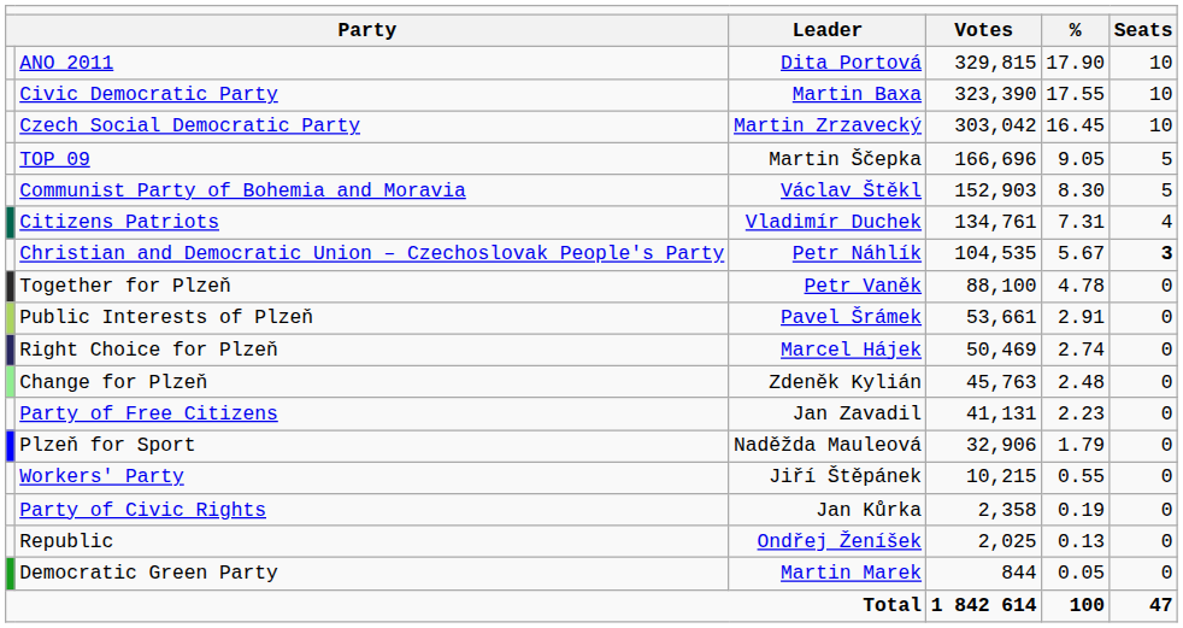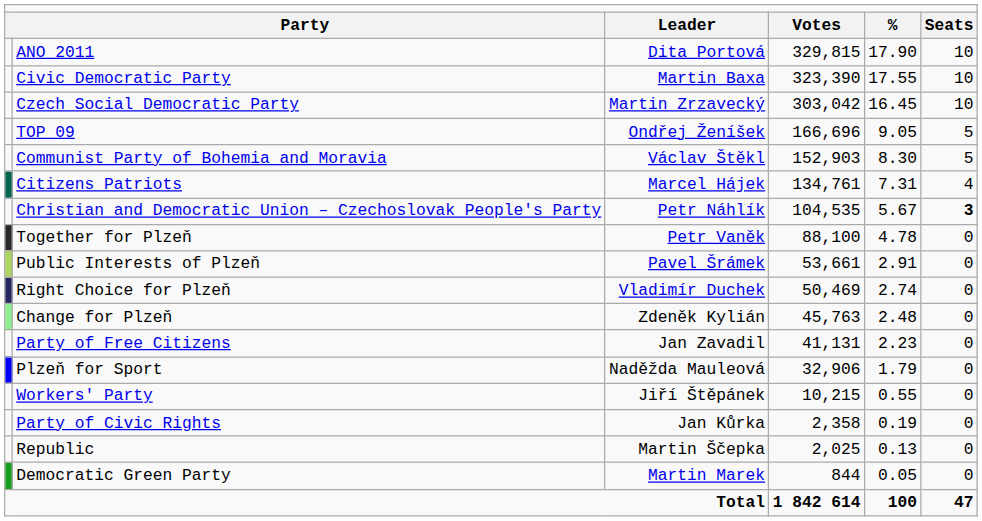 <table class=wikitable style=text-align:right>
 <tr>
 <td colspan=6></td>
 </tr>
 <tr>
 <th colspan=2>Party</th>
 <th>Leader</th>
 <th>Votes</th>
 <th>%</th>
 <th>Seats</th>
 </tr>
 <tr>
 <td></td>
 <td align=left><a href='#'>ANO 2011</a></td>
 <td><a href='#'>Dita Portová</a></td>
 <td>329,815</td>
 <td>17.90</td>
 <td>10</td>
 </tr>
 <tr>
 <td></td>
 <td align=left><a href='#'>Civic Democratic Party</a></td>
 <td><a href='#'>Martin Baxa</a></td>
 <td>323,390</td>
 <td>17.55</td>
 <td>10</td>
 </tr>
 <tr>
 <td></td>
 <td align=left><a href='#'>Czech Social Democratic Party</a></td>
 <td><a href='#'>Martin Zrzavecký</a></td>
 <td>303,042</td>
 <td>16.45</td>
 <td>10</td>
 </tr>
 <tr>
 <td></td>
 <td align=left><a href='#'>TOP 09</a></td>
-<td>Martin Ščepka</td>
+<td><a href='#'>Ondřej Ženíšek</a></td>
 <td>166,696</td>
 <td>9.05</td>
 <td>5</td>
 </tr>
 <tr>
 <td></td>
 <td align=left><a href='#'>Communist Party of Bohemia and Moravia</a></td>
 <td><a href='#'>Václav Štěkl</a></td>
 <td>152,903</td>
 <td>8.30</td>
 <td>5</td>
 </tr>
 <tr>
 <td style="background:#00654E;"></td>
 <td align=left><a href='#'>Citizens Patriots</a></td>
-<td><a href='#'>Vladimír Duchek</a></td>
+<td><a href='#'>Marcel Hájek</a></td>
 <td>134,761</td>
 <td>7.31</td>
 <td>4</td>
 </tr>
 <tr>
 <td></td>
 <td align=left><a href='#'>Christian and Democratic Union – Czechoslovak People's Party</a></td>
 <td><a href='#'>Petr Náhlík</a></td>
 <td>104,535</td>
 <td>5.67</td>
 <td><strong>3</strong></td>
 </tr>
 <tr>
 <td style="background:#292829;"></td>
 <td align=left>Together for Plzeň</td>
 <td><a href='#'>Petr Vaněk</a></td>
 <td>88,100</td>
 <td>4.78</td>
 <td>0</td>
 </tr>
 <tr>
 <td style="background:#ACD55F;"></td>
 <td align=left>Public Interests of Plzeň</td>
 <td><a href='#'>Pavel Šrámek</a></td>
 <td>53,661</td>
 <td>2.91</td>
 <td>0</td>
 </tr>
 <tr>
 <td style="background:#272660;"></td>
 <td align=left>Right Choice for Plzeň</td>
-<td><a href='#'>Marcel Hájek</a></td>
+<td><a href='#'>Vladimír Duchek</a></td>
 <td>50,469</td>
 <td>2.74</td>
 <td>0</td>
 </tr>
 <tr>
 <td style="background:#90EE90;"></td>
 <td align=left>Change for Plzeň</td>
 <td>Zdeněk Kylián</td>
 <td>45,763</td>
 <td>2.48</td>
 <td>0</td>
 </tr>
 <tr>
 <td></td>
 <td align=left><a href='#'>Party of Free Citizens</a></td>
 <td>Jan Zavadil</td>
 <td>41,131</td>
 <td>2.23</td>
 <td>0</td>
 </tr>
 <tr>
 <td style="background:#0000FF;"></td>
 <td align=left>Plzeň for Sport</td>
 <td>Naděžda Mauleová</td>
 <td>32,906</td>
 <td>1.79</td>
 <td>0</td>
 </tr>
 <tr>
 <td></td>
 <td align=left><a href='#'>Workers' Party</a></td>
 <td>Jiří Štěpánek</td>
 <td>10,215</td>
 <td>0.55</td>
 <td>0</td>
 </tr>
 <tr>
 <td></td>
 <td align=left><a href='#'>Party of Civic Rights</a></td>
 <td>Jan Kůrka</td>
 <td>2,358</td>
 <td>0.19</td>
 <td>0</td>
 </tr>
 <tr>
 <td style="background:#;"></td>
 <td align=left>Republic</td>
-<td><a href='#'>Ondřej Ženíšek</a></td>
+<td>Martin Ščepka</td>
 <td>2,025</td>
 <td>0.13</td>
 <td>0</td>
 </tr>
 <tr>
 <td style="background:#179E1E;"></td>
 <td align=left>Democratic Green Party</td>
 <td><a href='#'>Martin Marek</a></td>
 <td>844</td>
 <td>0.05</td>
 <td>0</td>
 </tr>
 <tr>
 <td colspan="3"><strong>Total</strong></td>
 <td><strong>1 842 614</strong></td>
 <td><strong>100</strong></td>
 <td><strong>47</strong></td>
 </tr>
 </table>
